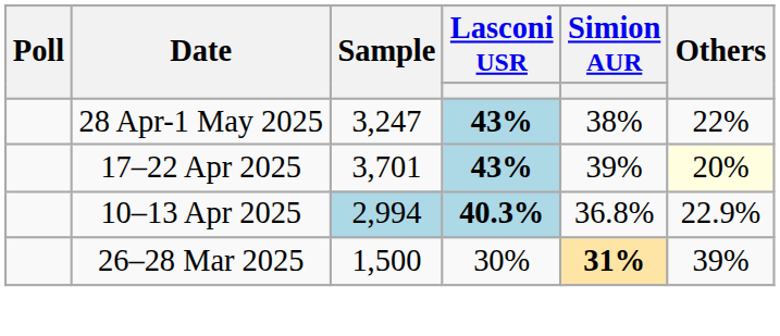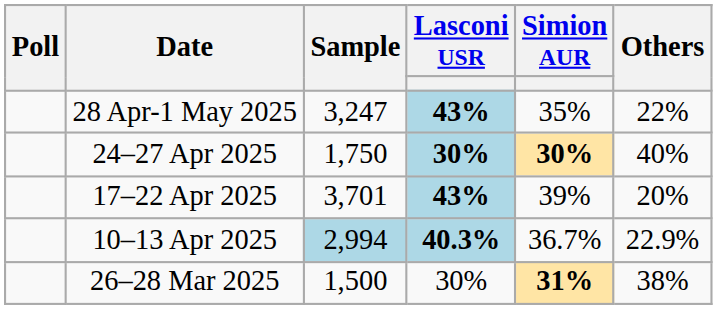 <table class="wikitable sortable" style="text-align:center;font-size:85%;line-height:14px;">
 <tr>
 <th rowspan="2">Poll</th>
 <th rowspan="2">Date</th>
 <th rowspan="2" style="width:35px;">Sample</th>
 <th class="unsortable" style="width:20px;"><a href='#'>Lasconi</a><br><small><a href='#'>USR</a></small></th>
 <th class="unsortable" style="width:20px;"><a href='#'>Simion</a><br><small><a href='#'>AUR</a></small></th>
 <th rowspan="2">Others</th>
 </tr>
 <tr>
 <th style="background:"></th>
 <th style="background:"></th>
 </tr>
 <tr>
 <td></td>
 <td>28 Apr-1 May 2025</td>
 <td>3,247</td>
 <td style="background:lightblue"><strong>43%</strong></td>
-<td>38%</td>
+<td>35%</td>
 <td>22%</td>
+</tr>
+<tr>
+<td></td>
+<td>24–27 Apr 2025</td>
+<td>1,750</td>
+<td style="background:lightblue"><strong>30%</strong></td>
+<td style="background:#FFE5A5"><strong>30%</strong></td>
+<td>40%</td>
 </tr>
 <tr>
 <td></td>
 <td>17–22 Apr 2025</td>
 <td>3,701</td>
 <td style="background:lightblue"><strong>43%</strong></td>
 <td>39%</td>
-<td style="background: lightyellow;">20%</td>
+<td>20%</td>
 </tr>
 <tr>
 <td></td>
 <td>10–13 Apr 2025</td>
 <td style="background: lightblue;">2,994</td>
 <td style="background:lightblue"><strong>40.3%</strong></td>
-<td>36.8%</td>
+<td>36.7%</td>
 <td>22.9%</td>
 </tr>
 <tr>
 <td></td>
 <td>26–28 Mar 2025</td>
 <td>1,500</td>
 <td>30%</td>
 <td style="background:#FFE5A5"><strong>31%</strong></td>
-<td>39%</td>
+<td>38%</td>
 </tr>
 </table>
